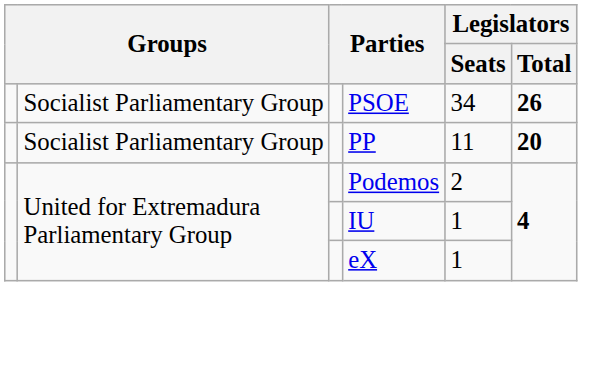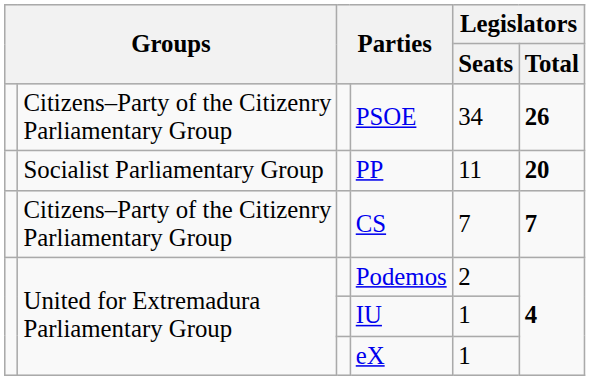 <table class="wikitable" style="text-align:left;">
 <tr>
 <th rowspan="2" colspan="2">Groups</th>
 <th rowspan="2" colspan="2">Parties</th>
 <th colspan="2">Legislators</th>
 </tr>
 <tr>
 <th>Seats</th>
 <th>Total</th>
 </tr>
 <tr>
 <td width="1" style="color:inherit;background:"></td>
-<td>Socialist Parliamentary Group</td>
+<td>Citizens–Party of the Citizenry<br>Parliamentary Group</td>
 <td width="1" style="color:inherit;background:"></td>
 <td><a href='#'>PSOE</a></td>
 <td>34</td>
 <td><strong>26</strong></td>
 </tr>
 <tr>
 <td style="color:inherit;background:"></td>
 <td>Socialist Parliamentary Group</td>
 <td style="color:inherit;background:"></td>
 <td><a href='#'>PP</a></td>
 <td>11</td>
 <td><strong>20</strong></td>
+</tr>
+<tr>
+<td style="color:inherit;background:"></td>
+<td>Citizens–Party of the Citizenry<br>Parliamentary Group</td>
+<td style="color:inherit;background:"></td>
+<td><a href='#'>CS</a></td>
+<td>7</td>
+<td><strong>7</strong></td>
 </tr>
 <tr>
 <td rowspan="3" style="color:inherit;background:"></td>
 <td rowspan="3">United for Extremadura<br>Parliamentary Group</td>
 <td style="color:inherit;background:"></td>
 <td><a href='#'>Podemos</a></td>
 <td>2</td>
 <td rowspan="3"><strong>4</strong></td>
 </tr>
 <tr>
 <td style="color:inherit;background:"></td>
 <td><a href='#'>IU</a></td>
 <td>1</td>
 </tr>
 <tr>
 <td style="color:inherit;background:"></td>
 <td><a href='#'>eX</a></td>
 <td>1</td>
 </tr>
 </table>
